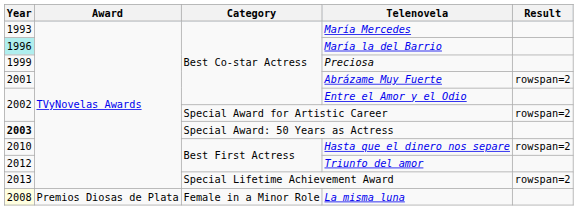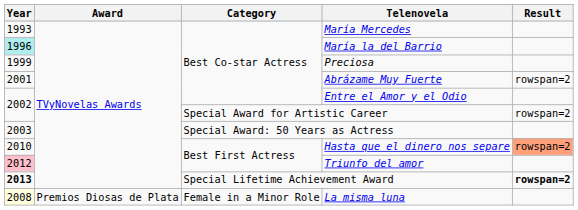 <table class="wikitable">
 <tr style="background:#b0c4de;">
 <th>Year</th>
 <th>Award</th>
 <th>Category</th>
 <th>Telenovela</th>
 <th>Result</th>
 </tr>
 <tr>
 <td>1993</td>
 <td rowspan=10><a href='#'>TVyNovelas Awards</a></td>
 <td rowspan=5>Best Co-star Actress</td>
 <td><em><a href='#'>María Mercedes</a></em></td>
 <td></td>
 </tr>
 <tr>
 <td style="background: paleturquoise;">1996</td>
 <td><em><a href='#'>María la del Barrio</a></em></td>
 <td></td>
 </tr>
 <tr>
 <td>1999</td>
 <td><em>Preciosa</em></td>
 <td></td>
 </tr>
 <tr>
 <td>2001</td>
 <td><em><a href='#'>Abrázame Muy Fuerte</a></em></td>
 <td>rowspan=2 </td>
 </tr>
 <tr>
 <td rowspan=2>2002</td>
 <td><em><a href='#'>Entre el Amor y el Odio</a></em></td>
 </tr>
 <tr>
 <td colspan=2>Special Award for Artistic Career</td>
 <td>rowspan=2 </td>
 </tr>
 <tr>
-<td><strong>2003</strong></td>
+<td>2003</td>
 <td colspan=2>Special Award: 50 Years as Actress</td>
 </tr>
 <tr>
 <td>2010</td>
 <td rowspan=2>Best First Actress</td>
 <td><em><a href='#'>Hasta que el dinero nos separe</a></em></td>
-<td>rowspan=2 </td>
+<td style="background: lightsalmon;">rowspan=2 </td>
 </tr>
 <tr>
-<td>2012</td>
+<td style="background: pink;">2012</td>
 <td><em><a href='#'>Triunfo del amor</a></em></td>
 </tr>
 <tr>
-<td>2013</td>
+<td><strong>2013</strong></td>
 <td colspan=2>Special Lifetime Achievement Award</td>
-<td>rowspan=2 </td>
+<td><strong>rowspan=2 </strong></td>
 </tr>
 <tr>
 <td style="background: lightyellow;">2008</td>
 <td>Premios Diosas de Plata</td>
 <td>Female in a Minor Role</td>
 <td><em><a href='#'>La misma luna</a></em></td>
 </tr>
 </table>
